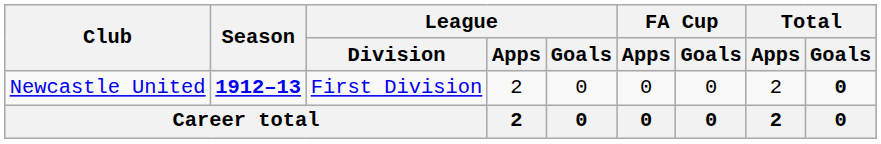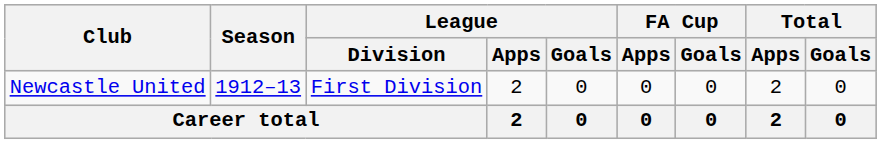 <table class="wikitable" style="text-align: center;">
 <tr>
 <th rowspan="2">Club</th>
 <th rowspan="2">Season</th>
 <th colspan="3">League</th>
 <th colspan="2">FA Cup</th>
 <th colspan="2">Total</th>
 </tr>
 <tr>
 <th>Division</th>
 <th>Apps</th>
 <th>Goals</th>
 <th>Apps</th>
 <th>Goals</th>
 <th>Apps</th>
 <th>Goals</th>
 </tr>
 <tr>
 <td><a href='#'>Newcastle United</a></td>
-<td><strong><a href='#'>1912–13</a></strong></td>
+<td><a href='#'>1912–13</a></td>
 <td><a href='#'>First Division</a></td>
 <td>2</td>
 <td>0</td>
 <td>0</td>
 <td>0</td>
 <td>2</td>
-<td><strong>0</strong></td>
+<td>0</td>
 </tr>
 <tr>
 <th colspan="3">Career total</th>
 <th>2</th>
 <th>0</th>
 <th>0</th>
 <th>0</th>
 <th>2</th>
 <th>0</th>
 </tr>
 </table>
